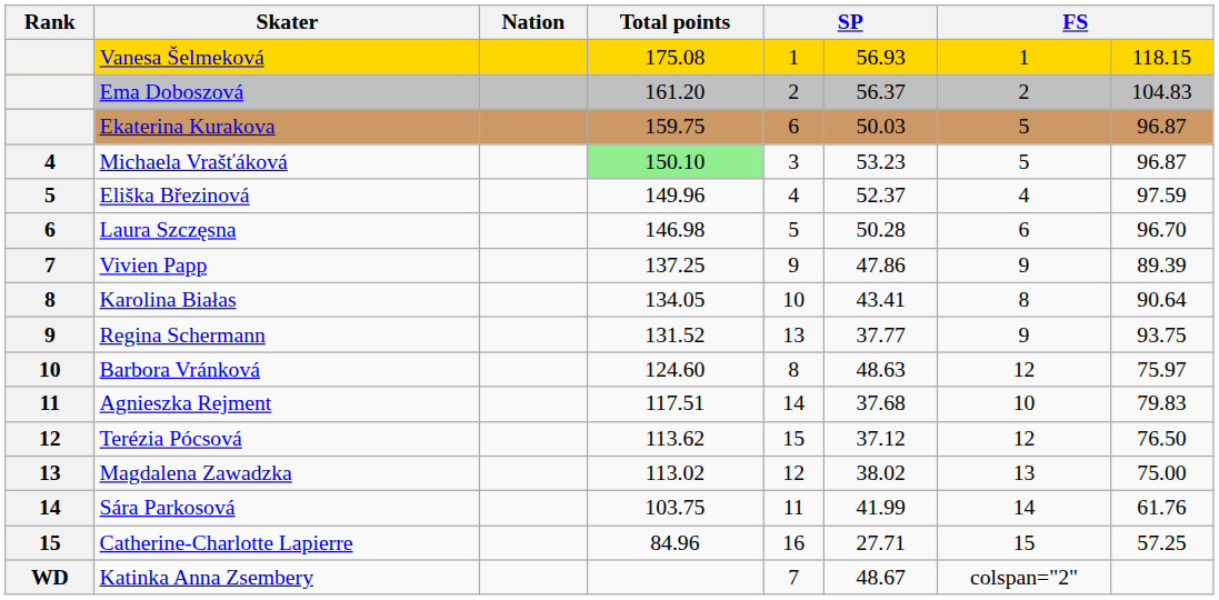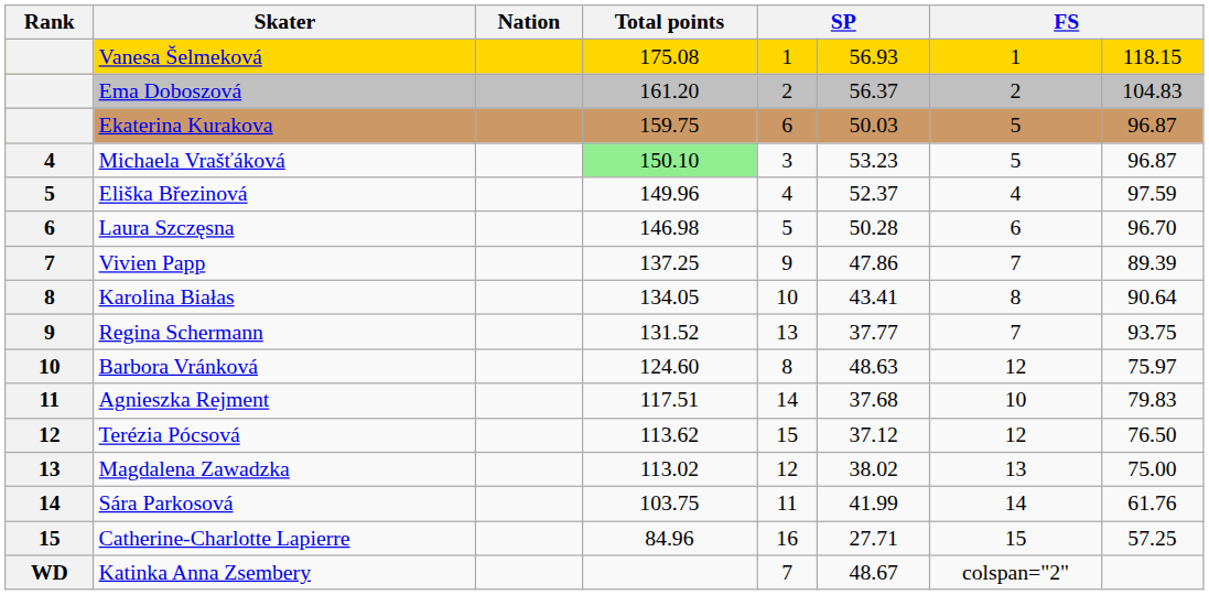 <table class="wikitable sortable" style="text-align:center;" width="70%">
 <tr>
 <th scope="col">Rank</th>
 <th scope="col">Skater</th>
 <th scope="col">Nation</th>
 <th scope="col">Total points</th>
 <th scope="col" colspan="2" width="80px"><a href='#'>SP</a></th>
 <th scope="col" colspan="2" width="80px"><a href='#'>FS</a></th>
 </tr>
 <tr bgcolor="gold">
 <th scope="row"></th>
 <td align="left"><a href='#'>Vanesa Šelmeková</a></td>
 <td align="left"></td>
 <td>175.08</td>
 <td>1</td>
 <td>56.93</td>
 <td>1</td>
 <td>118.15</td>
 </tr>
 <tr bgcolor="silver">
 <th scope="row"></th>
 <td align="left"><a href='#'>Ema Doboszová</a></td>
 <td align="left"></td>
 <td>161.20</td>
 <td>2</td>
 <td>56.37</td>
 <td>2</td>
 <td>104.83</td>
 </tr>
 <tr bgcolor="cc9966">
 <th scope="row"></th>
 <td align="left"><a href='#'>Ekaterina Kurakova</a></td>
 <td align="left"></td>
 <td>159.75</td>
 <td>6</td>
 <td>50.03</td>
 <td>5</td>
 <td>96.87</td>
 </tr>
 <tr>
 <th scope="row">4</th>
 <td align="left"><a href='#'>Michaela Vrašťáková</a></td>
 <td align="left"></td>
 <td style="background: lightgreen;">150.10</td>
 <td>3</td>
 <td>53.23</td>
 <td>5</td>
 <td>96.87</td>
 </tr>
 <tr>
 <th scope="row">5</th>
 <td align="left"><a href='#'>Eliška Březinová</a></td>
 <td align="left"></td>
 <td>149.96</td>
 <td>4</td>
 <td>52.37</td>
 <td>4</td>
 <td>97.59</td>
 </tr>
 <tr>
 <th scope="row">6</th>
 <td align="left"><a href='#'>Laura Szczęsna</a></td>
 <td align="left"></td>
 <td>146.98</td>
 <td>5</td>
 <td>50.28</td>
 <td>6</td>
 <td>96.70</td>
 </tr>
 <tr>
 <th scope="row">7</th>
 <td align="left"><a href='#'>Vivien Papp</a></td>
 <td align="left"></td>
 <td>137.25</td>
 <td>9</td>
 <td>47.86</td>
-<td>9</td>
+<td>7</td>
 <td>89.39</td>
 </tr>
 <tr>
 <th scope="row">8</th>
 <td align="left"><a href='#'>Karolina Białas</a></td>
 <td align="left"></td>
 <td>134.05</td>
 <td>10</td>
 <td>43.41</td>
 <td>8</td>
 <td>90.64</td>
 </tr>
 <tr>
 <th scope="row">9</th>
 <td align="left"><a href='#'>Regina Schermann</a></td>
 <td align="left"></td>
 <td>131.52</td>
 <td>13</td>
 <td>37.77</td>
-<td>9</td>
+<td>7</td>
 <td>93.75</td>
 </tr>
 <tr>
 <th scope="row">10</th>
 <td align="left"><a href='#'>Barbora Vránková</a></td>
 <td align="left"></td>
 <td>124.60</td>
 <td>8</td>
 <td>48.63</td>
 <td>12</td>
 <td>75.97</td>
 </tr>
 <tr>
 <th scope="row">11</th>
 <td align="left"><a href='#'>Agnieszka Rejment</a></td>
 <td align="left"></td>
 <td>117.51</td>
 <td>14</td>
 <td>37.68</td>
 <td>10</td>
 <td>79.83</td>
 </tr>
 <tr>
 <th scope="row">12</th>
 <td align="left"><a href='#'>Terézia Pócsová</a></td>
 <td align="left"></td>
 <td>113.62</td>
 <td>15</td>
 <td>37.12</td>
 <td>12</td>
 <td>76.50</td>
 </tr>
 <tr>
 <th scope="row">13</th>
 <td align="left"><a href='#'>Magdalena Zawadzka</a></td>
 <td align="left"></td>
 <td>113.02</td>
 <td>12</td>
 <td>38.02</td>
 <td>13</td>
 <td>75.00</td>
 </tr>
 <tr>
 <th scope="row">14</th>
 <td align="left"><a href='#'>Sára Parkosová</a></td>
 <td align="left"></td>
 <td>103.75</td>
 <td>11</td>
 <td>41.99</td>
 <td>14</td>
 <td>61.76</td>
 </tr>
 <tr>
 <th scope="row">15</th>
 <td align="left"><a href='#'>Catherine-Charlotte Lapierre</a></td>
 <td align="left"></td>
 <td>84.96</td>
 <td>16</td>
 <td>27.71</td>
 <td>15</td>
 <td>57.25</td>
 </tr>
 <tr>
 <th scope="row">WD</th>
 <td align="left"><a href='#'>Katinka Anna Zsembery</a></td>
 <td align="left"></td>
 <td></td>
 <td>7</td>
 <td>48.67</td>
 <td>colspan="2" </td>
 </tr>
 </table>
